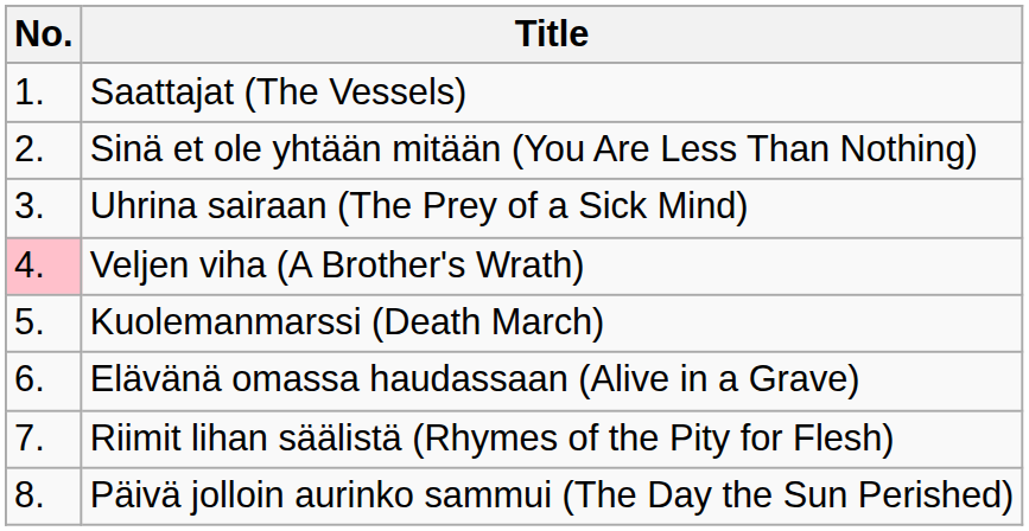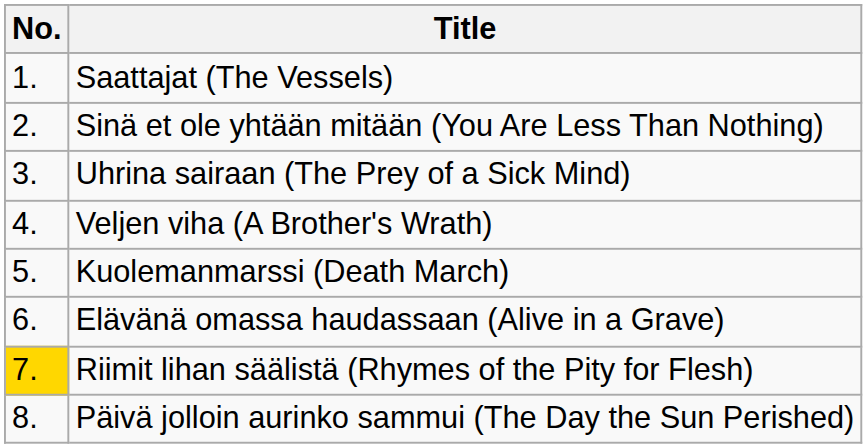 <table class="wikitable">
 <tr>
 <th><abbr>No.</abbr></th>
 <th>Title</th>
 </tr>
 <tr>
 <td>1.</td>
 <td>Saattajat (The Vessels)</td>
 </tr>
 <tr>
 <td>2.</td>
 <td>Sinä et ole yhtään mitään (You Are Less Than Nothing)</td>
 </tr>
 <tr>
 <td>3.</td>
 <td>Uhrina sairaan (The Prey of a Sick Mind)</td>
 </tr>
 <tr>
-<td style="background: pink;">4.</td>
+<td>4.</td>
 <td>Veljen viha (A Brother's Wrath)</td>
 </tr>
 <tr>
 <td>5.</td>
 <td>Kuolemanmarssi (Death March)</td>
 </tr>
 <tr>
 <td>6.</td>
 <td>Elävänä omassa haudassaan (Alive in a Grave)</td>
 </tr>
 <tr>
-<td>7.</td>
+<td style="background: gold;">7.</td>
 <td>Riimit lihan säälistä (Rhymes of the Pity for Flesh)</td>
 </tr>
 <tr>
 <td>8.</td>
 <td>Päivä jolloin aurinko sammui (The Day the Sun Perished)</td>
 </tr>
 </table>
